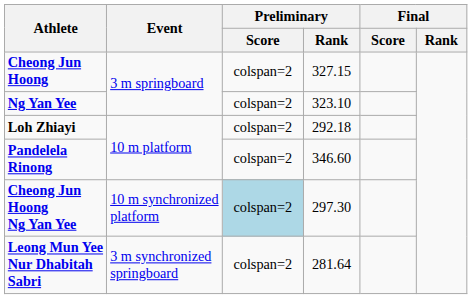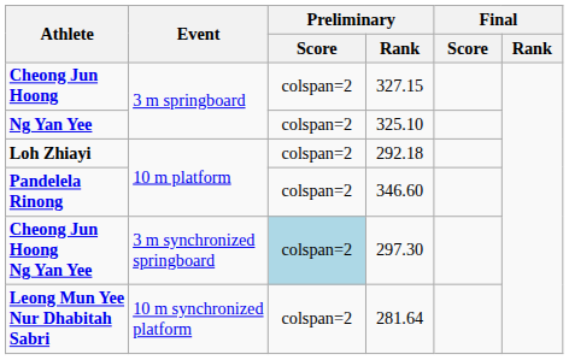 <table class="wikitable" width="75%" style="text-align:center; font-size:90%;">
 <tr>
 <th rowspan="2" width="15%">Athlete</th>
 <th rowspan="2" width="15%">Event</th>
 <th colspan="2" width="12%">Preliminary</th>
 <th colspan="2" width="12%">Final</th>
 </tr>
 <tr>
 <th width="7%">Score</th>
 <th>Rank</th>
 <th width="7%">Score</th>
 <th>Rank</th>
 </tr>
 <tr>
 <td align=left><strong><a href='#'>Cheong Jun Hoong</a></strong></td>
 <td align=left rowspan=2><a href='#'>3 m springboard</a></td>
 <td>colspan=2 </td>
 <td>327.15</td>
 <td></td>
 </tr>
 <tr>
 <td align=left><strong><a href='#'>Ng Yan Yee</a></strong></td>
 <td>colspan=2 </td>
-<td>323.10</td>
+<td>325.10</td>
 <td></td>
 </tr>
 <tr>
 <td align=left><strong>Loh Zhiayi</strong></td>
 <td align=left rowspan=2><a href='#'>10 m platform</a></td>
 <td>colspan=2 </td>
 <td>292.18</td>
 <td></td>
 </tr>
 <tr>
 <td align=left><strong><a href='#'>Pandelela Rinong</a></strong></td>
 <td>colspan=2 </td>
 <td>346.60</td>
 <td></td>
 </tr>
 <tr>
 <td align=left><strong><a href='#'>Cheong Jun Hoong</a><br><a href='#'>Ng Yan Yee</a></strong></td>
-<td align=left><a href='#'>10 m synchronized platform</a></td>
+<td align=left><a href='#'>3 m synchronized springboard</a></td>
 <td style="background: lightblue;">colspan=2 </td>
 <td>297.30</td>
 <td></td>
 </tr>
 <tr>
 <td align=left><strong><a href='#'>Leong Mun Yee</a><br><a href='#'>Nur Dhabitah Sabri</a></strong></td>
-<td align=left><a href='#'>3 m synchronized springboard</a></td>
+<td align=left><a href='#'>10 m synchronized platform</a></td>
 <td>colspan=2 </td>
 <td>281.64</td>
 <td></td>
 </tr>
 </table>
